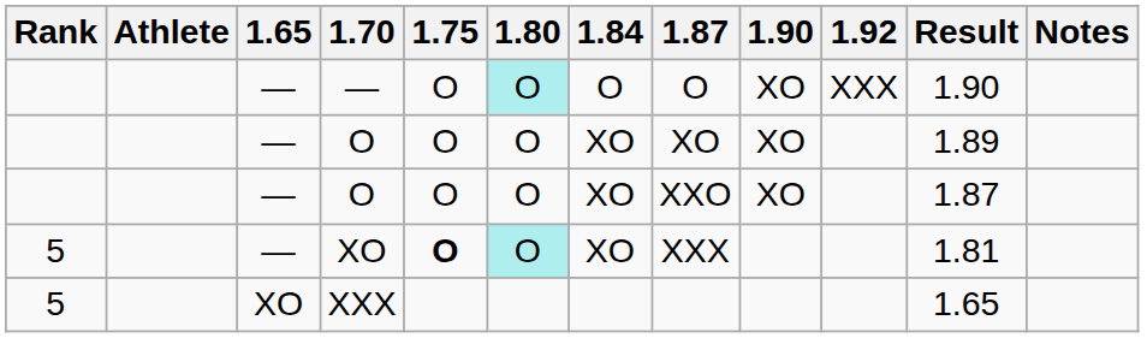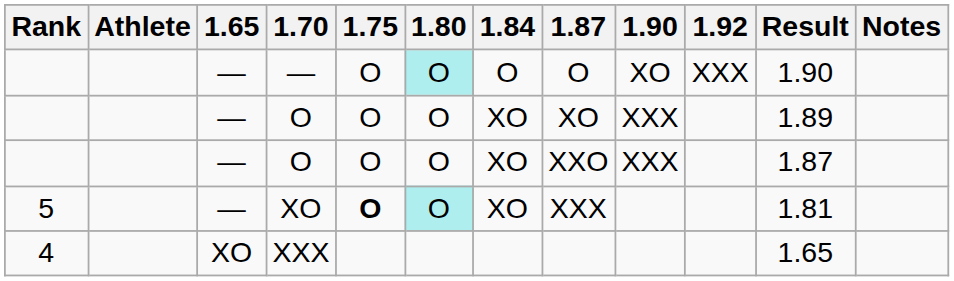 <table class="wikitable" style="text-align:center">
 <tr>
 <th>Rank</th>
 <th>Athlete</th>
 <th>1.65</th>
 <th>1.70</th>
 <th>1.75</th>
 <th>1.80</th>
 <th>1.84</th>
 <th>1.87</th>
 <th>1.90</th>
 <th>1.92</th>
 <th>Result</th>
 <th>Notes</th>
 </tr>
 <tr>
 <td></td>
 <td align=left></td>
 <td>—</td>
 <td>—</td>
 <td>O</td>
 <td style="background: paleturquoise;">O</td>
 <td>O</td>
 <td>O</td>
 <td>XO</td>
 <td>XXX</td>
 <td>1.90</td>
 <td></td>
 </tr>
 <tr>
 <td></td>
 <td align=left></td>
 <td>—</td>
 <td>O</td>
 <td>O</td>
 <td>O</td>
 <td>XO</td>
 <td>XO</td>
-<td>XO</td>
+<td>XXX</td>
 <td></td>
 <td>1.89</td>
 <td></td>
 </tr>
 <tr>
 <td></td>
 <td align=left></td>
 <td>—</td>
 <td>O</td>
 <td>O</td>
 <td>O</td>
 <td>XO</td>
 <td>XXO</td>
-<td>XO</td>
+<td>XXX</td>
 <td></td>
 <td>1.87</td>
 <td></td>
 </tr>
 <tr>
 <td>5</td>
 <td align=left></td>
 <td>—</td>
 <td>XO</td>
 <td><strong>O</strong></td>
 <td style="background: paleturquoise;">O</td>
 <td>XO</td>
 <td>XXX</td>
 <td></td>
 <td></td>
 <td>1.81</td>
 <td></td>
 </tr>
 <tr>
-<td>5</td>
+<td>4</td>
 <td align=left></td>
 <td>XO</td>
 <td>XXX</td>
 <td></td>
 <td></td>
 <td></td>
 <td></td>
 <td></td>
 <td></td>
 <td>1.65</td>
 <td></td>
 </tr>
 </table>
